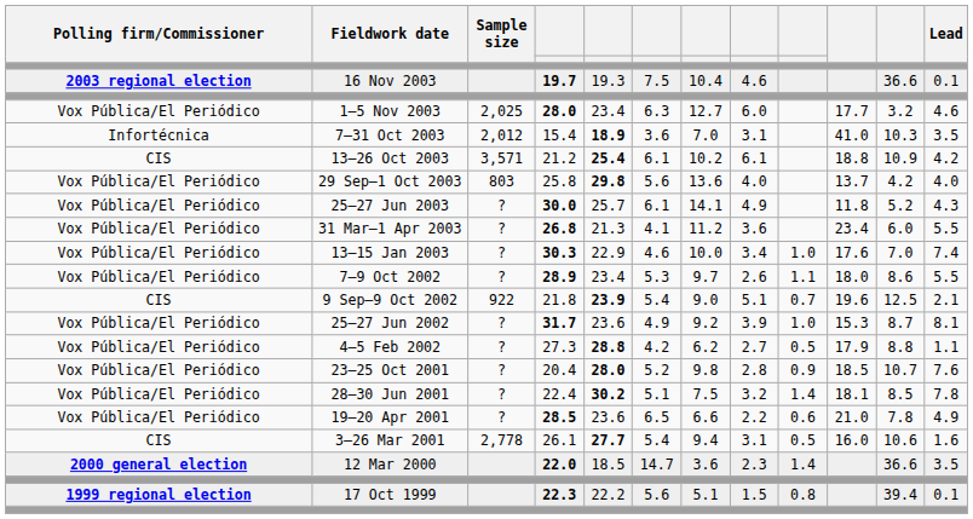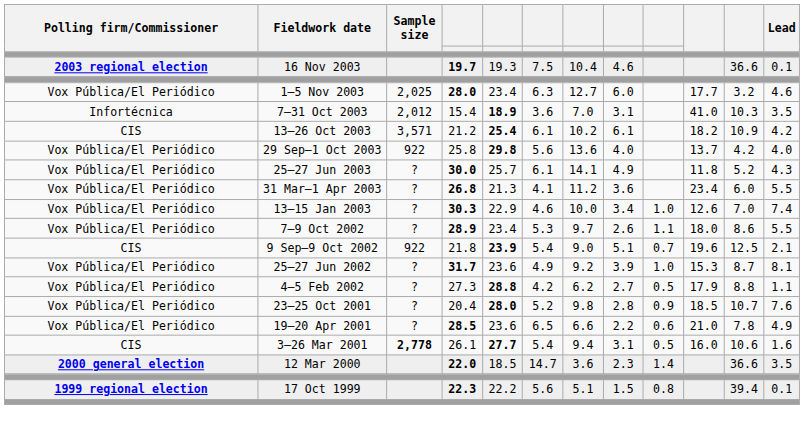 <table class="wikitable collapsible collapsed" style="text-align:center; font-size:90%; line-height:14px;">
 <tr style="height:42px;">
 <th style="width:250px;" rowspan="2">Polling firm/Commissioner</th>
 <th style="width:125px;" rowspan="2">Fieldwork date</th>
 <th style="width:50px;" rowspan="2">Sample size</th>
 <th style="width:35px;"></th>
 <th style="width:35px;"></th>
 <th style="width:35px;"></th>
 <th style="width:35px;"></th>
 <th style="width:35px;"></th>
 <th style="width:35px;"></th>
 <th style="width:35px;" rowspan="2"></th>
 <th style="width:35px;" rowspan="2"></th>
 <th style="width:30px;" rowspan="2">Lead</th>
 </tr>
 <tr>
 <th style="color:inherit;background:"></th>
 <th style="color:inherit;background:"></th>
 <th style="color:inherit;background:"></th>
 <th style="color:inherit;background:"></th>
 <th style="color:inherit;background:"></th>
 <th style="color:inherit;background:"></th>
 </tr>
 <tr>
 <td colspan="12" style="background:#A0A0A0"></td>
 </tr>
 <tr style="background:#EFEFEF;">
 <td><strong><a href='#'>2003 regional election</a></strong></td>
 <td>16 Nov 2003</td>
 <td></td>
 <td><strong>19.7</strong></td>
 <td>19.3</td>
 <td>7.5</td>
 <td>10.4</td>
 <td>4.6</td>
 <td></td>
 <td></td>
 <td>36.6</td>
 <td style="background:">0.1</td>
 </tr>
 <tr>
 <td colspan="12" style="background:#A0A0A0"></td>
 </tr>
 <tr>
 <td>Vox Pública/El Periódico</td>
 <td>1–5 Nov 2003</td>
 <td>2,025</td>
 <td><strong>28.0</strong></td>
 <td>23.4</td>
 <td>6.3</td>
 <td>12.7</td>
 <td>6.0</td>
 <td></td>
 <td>17.7</td>
 <td>3.2</td>
 <td style="background:">4.6</td>
 </tr>
 <tr>
 <td>Infortécnica</td>
 <td>7–31 Oct 2003</td>
 <td>2,012</td>
 <td>15.4</td>
 <td><strong>18.9</strong></td>
 <td>3.6</td>
 <td>7.0</td>
 <td>3.1</td>
 <td></td>
 <td>41.0</td>
 <td>10.3</td>
 <td style="background:">3.5</td>
 </tr>
 <tr>
 <td>CIS</td>
 <td>13–26 Oct 2003</td>
 <td>3,571</td>
 <td>21.2</td>
 <td><strong>25.4</strong></td>
 <td>6.1</td>
 <td>10.2</td>
 <td>6.1</td>
 <td></td>
-<td>18.8</td>
+<td>18.2</td>
 <td>10.9</td>
 <td style="background:">4.2</td>
 </tr>
 <tr>
 <td>Vox Pública/El Periódico</td>
 <td>29 Sep–1 Oct 2003</td>
-<td>803</td>
+<td>922</td>
 <td>25.8</td>
 <td><strong>29.8</strong></td>
 <td>5.6</td>
 <td>13.6</td>
 <td>4.0</td>
 <td></td>
 <td>13.7</td>
 <td>4.2</td>
 <td style="background:">4.0</td>
 </tr>
 <tr>
 <td>Vox Pública/El Periódico</td>
 <td>25–27 Jun 2003</td>
 <td>?</td>
 <td><strong>30.0</strong></td>
 <td>25.7</td>
 <td>6.1</td>
 <td>14.1</td>
 <td>4.9</td>
 <td></td>
 <td>11.8</td>
 <td>5.2</td>
 <td style="background:">4.3</td>
 </tr>
 <tr>
 <td>Vox Pública/El Periódico</td>
 <td>31 Mar–1 Apr 2003</td>
 <td>?</td>
 <td><strong>26.8</strong></td>
 <td>21.3</td>
 <td>4.1</td>
 <td>11.2</td>
 <td>3.6</td>
 <td></td>
 <td>23.4</td>
 <td>6.0</td>
 <td style="background:">5.5</td>
 </tr>
 <tr>
 <td>Vox Pública/El Periódico</td>
 <td>13–15 Jan 2003</td>
 <td>?</td>
 <td><strong>30.3</strong></td>
 <td>22.9</td>
 <td>4.6</td>
 <td>10.0</td>
 <td>3.4</td>
 <td>1.0</td>
-<td>17.6</td>
+<td>12.6</td>
 <td>7.0</td>
 <td style="background:">7.4</td>
 </tr>
 <tr>
 <td>Vox Pública/El Periódico</td>
 <td>7–9 Oct 2002</td>
 <td>?</td>
 <td><strong>28.9</strong></td>
 <td>23.4</td>
 <td>5.3</td>
 <td>9.7</td>
 <td>2.6</td>
 <td>1.1</td>
 <td>18.0</td>
 <td>8.6</td>
 <td style="background:">5.5</td>
 </tr>
 <tr>
 <td>CIS</td>
 <td>9 Sep–9 Oct 2002</td>
 <td>922</td>
 <td>21.8</td>
 <td><strong>23.9</strong></td>
 <td>5.4</td>
 <td>9.0</td>
 <td>5.1</td>
 <td>0.7</td>
 <td>19.6</td>
 <td>12.5</td>
 <td style="background:">2.1</td>
 </tr>
 <tr>
 <td>Vox Pública/El Periódico</td>
 <td>25–27 Jun 2002</td>
 <td>?</td>
 <td><strong>31.7</strong></td>
 <td>23.6</td>
 <td>4.9</td>
 <td>9.2</td>
 <td>3.9</td>
 <td>1.0</td>
 <td>15.3</td>
 <td>8.7</td>
 <td style="background:">8.1</td>
 </tr>
 <tr>
 <td>Vox Pública/El Periódico</td>
 <td>4–5 Feb 2002</td>
 <td>?</td>
 <td>27.3</td>
 <td><strong>28.8</strong></td>
 <td>4.2</td>
 <td>6.2</td>
 <td>2.7</td>
 <td>0.5</td>
 <td>17.9</td>
 <td>8.8</td>
 <td style="background:">1.1</td>
 </tr>
 <tr>
 <td>Vox Pública/El Periódico</td>
 <td>23–25 Oct 2001</td>
 <td>?</td>
 <td>20.4</td>
 <td><strong>28.0</strong></td>
 <td>5.2</td>
 <td>9.8</td>
 <td>2.8</td>
 <td>0.9</td>
 <td>18.5</td>
 <td>10.7</td>
 <td style="background:">7.6</td>
 </tr>
 <tr>
 <td>Vox Pública/El Periódico</td>
-<td>28–30 Jun 2001</td>
-<td>?</td>
-<td>22.4</td>
-<td><strong>30.2</strong></td>
-<td>5.1</td>
-<td>7.5</td>
-<td>3.2</td>
-<td>1.4</td>
-<td>18.1</td>
-<td>8.5</td>
-<td style="background:">7.8</td>
-</tr>
-<tr>
-<td>Vox Pública/El Periódico</td>
 <td>19–20 Apr 2001</td>
 <td>?</td>
 <td><strong>28.5</strong></td>
 <td>23.6</td>
 <td>6.5</td>
 <td>6.6</td>
 <td>2.2</td>
 <td>0.6</td>
 <td>21.0</td>
 <td>7.8</td>
 <td style="background:">4.9</td>
 </tr>
 <tr>
 <td>CIS</td>
 <td>3–26 Mar 2001</td>
-<td>2,778</td>
+<td><strong>2,778</strong></td>
 <td>26.1</td>
 <td><strong>27.7</strong></td>
 <td>5.4</td>
 <td>9.4</td>
 <td>3.1</td>
 <td>0.5</td>
 <td>16.0</td>
 <td>10.6</td>
 <td style="background:">1.6</td>
 </tr>
 <tr style="background:#EFEFEF;">
 <td><strong><a href='#'>2000 general election</a></strong></td>
 <td>12 Mar 2000</td>
 <td></td>
 <td><strong>22.0</strong></td>
 <td>18.5</td>
 <td>14.7</td>
 <td>3.6</td>
 <td>2.3</td>
 <td>1.4</td>
 <td></td>
 <td>36.6</td>
 <td style="background:">3.5</td>
 </tr>
 <tr>
 <td colspan="12" style="background:#A0A0A0"></td>
 </tr>
 <tr style="background:#EFEFEF;">
 <td><strong><a href='#'>1999 regional election</a></strong></td>
 <td>17 Oct 1999</td>
 <td></td>
 <td><strong>22.3</strong></td>
 <td>22.2</td>
 <td>5.6</td>
 <td>5.1</td>
 <td>1.5</td>
 <td>0.8</td>
 <td></td>
 <td>39.4</td>
 <td style="background:">0.1</td>
 </tr>
 <tr>
 <td colspan="12" style="background:#A0A0A0"></td>
 </tr>
 </table>
